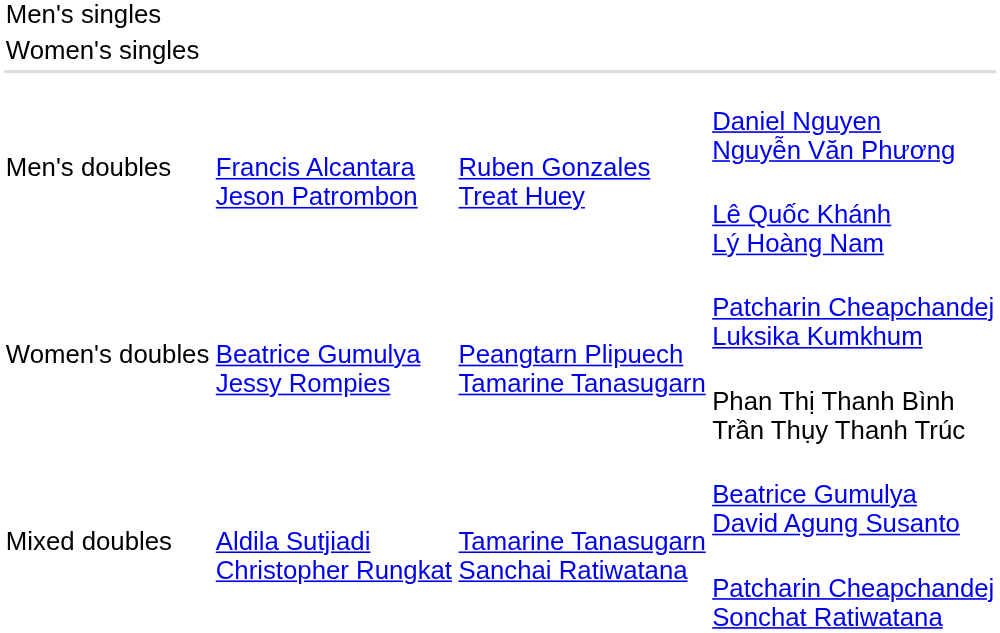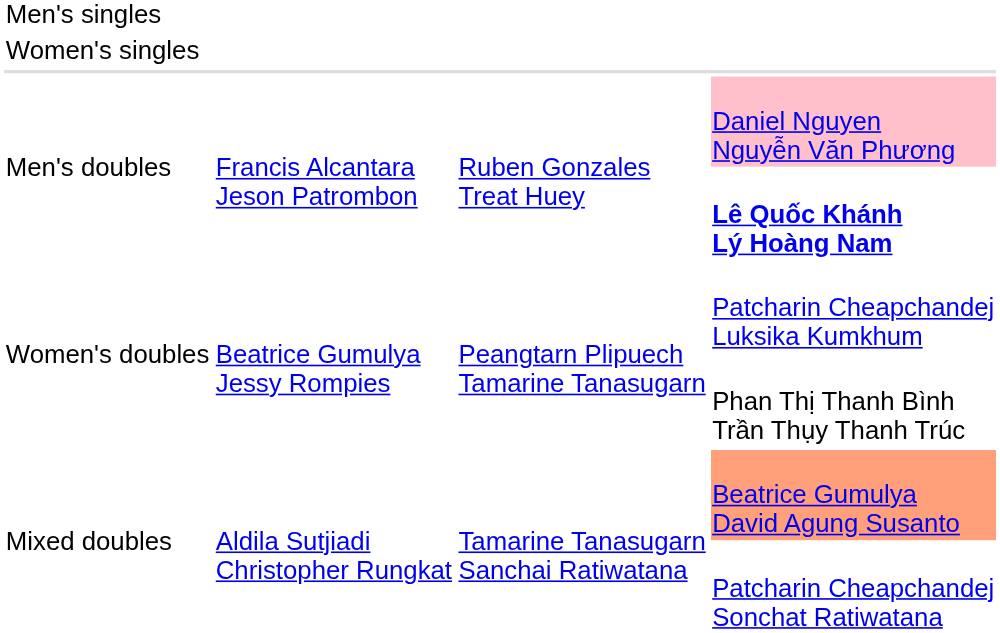 <table>
 <tr>
 <td rowspan=2>Men's singles</td>
 <td rowspan=2></td>
 <td rowspan=2></td>
 <td></td>
 </tr>
 <tr>
 <td></td>
 </tr>
 <tr>
 <td rowspan=2>Women's singles</td>
 <td rowspan=2></td>
 <td rowspan=2></td>
 <td></td>
 </tr>
 <tr>
 <td></td>
 </tr>
 <tr style="background:#dddddd;">
 <td colspan=7></td>
 </tr>
 <tr>
 <td rowspan=2>Men's doubles</td>
 <td rowspan=2><br><a href='#'>Francis Alcantara</a><br><a href='#'>Jeson Patrombon</a></td>
 <td rowspan=2><br><a href='#'>Ruben Gonzales</a><br><a href='#'>Treat Huey</a></td>
-<td><br><a href='#'>Daniel Nguyen</a><br><a href='#'>Nguyễn Văn Phương</a></td>
+<td style="background: pink;"><br><a href='#'>Daniel Nguyen</a><br><a href='#'>Nguyễn Văn Phương</a></td>
 </tr>
 <tr>
-<td><br><a href='#'>Lê Quốc Khánh</a><br><a href='#'>Lý Hoàng Nam</a></td>
+<td><strong><br><a href='#'>Lê Quốc Khánh</a><br><a href='#'>Lý Hoàng Nam</a></strong></td>
 </tr>
 <tr>
 <td rowspan=2>Women's doubles</td>
 <td rowspan=2><br><a href='#'>Beatrice Gumulya</a><br><a href='#'>Jessy Rompies</a></td>
 <td rowspan=2><br><a href='#'>Peangtarn Plipuech</a><br><a href='#'>Tamarine Tanasugarn</a></td>
 <td><br><a href='#'>Patcharin Cheapchandej</a><br><a href='#'>Luksika Kumkhum</a></td>
 </tr>
 <tr>
 <td><br>Phan Thị Thanh Bình<br>Trần Thụy Thanh Trúc</td>
 </tr>
 <tr>
 <td rowspan=2>Mixed doubles</td>
 <td rowspan=2><br><a href='#'>Aldila Sutjiadi</a><br><a href='#'>Christopher Rungkat</a></td>
 <td rowspan=2><br><a href='#'>Tamarine Tanasugarn</a><br><a href='#'>Sanchai Ratiwatana</a></td>
-<td><br><a href='#'>Beatrice Gumulya</a><br><a href='#'>David Agung Susanto</a></td>
+<td style="background: lightsalmon;"><br><a href='#'>Beatrice Gumulya</a><br><a href='#'>David Agung Susanto</a></td>
 </tr>
 <tr>
 <td><br><a href='#'>Patcharin Cheapchandej</a><br><a href='#'>Sonchat Ratiwatana</a></td>
 </tr>
 </table>
